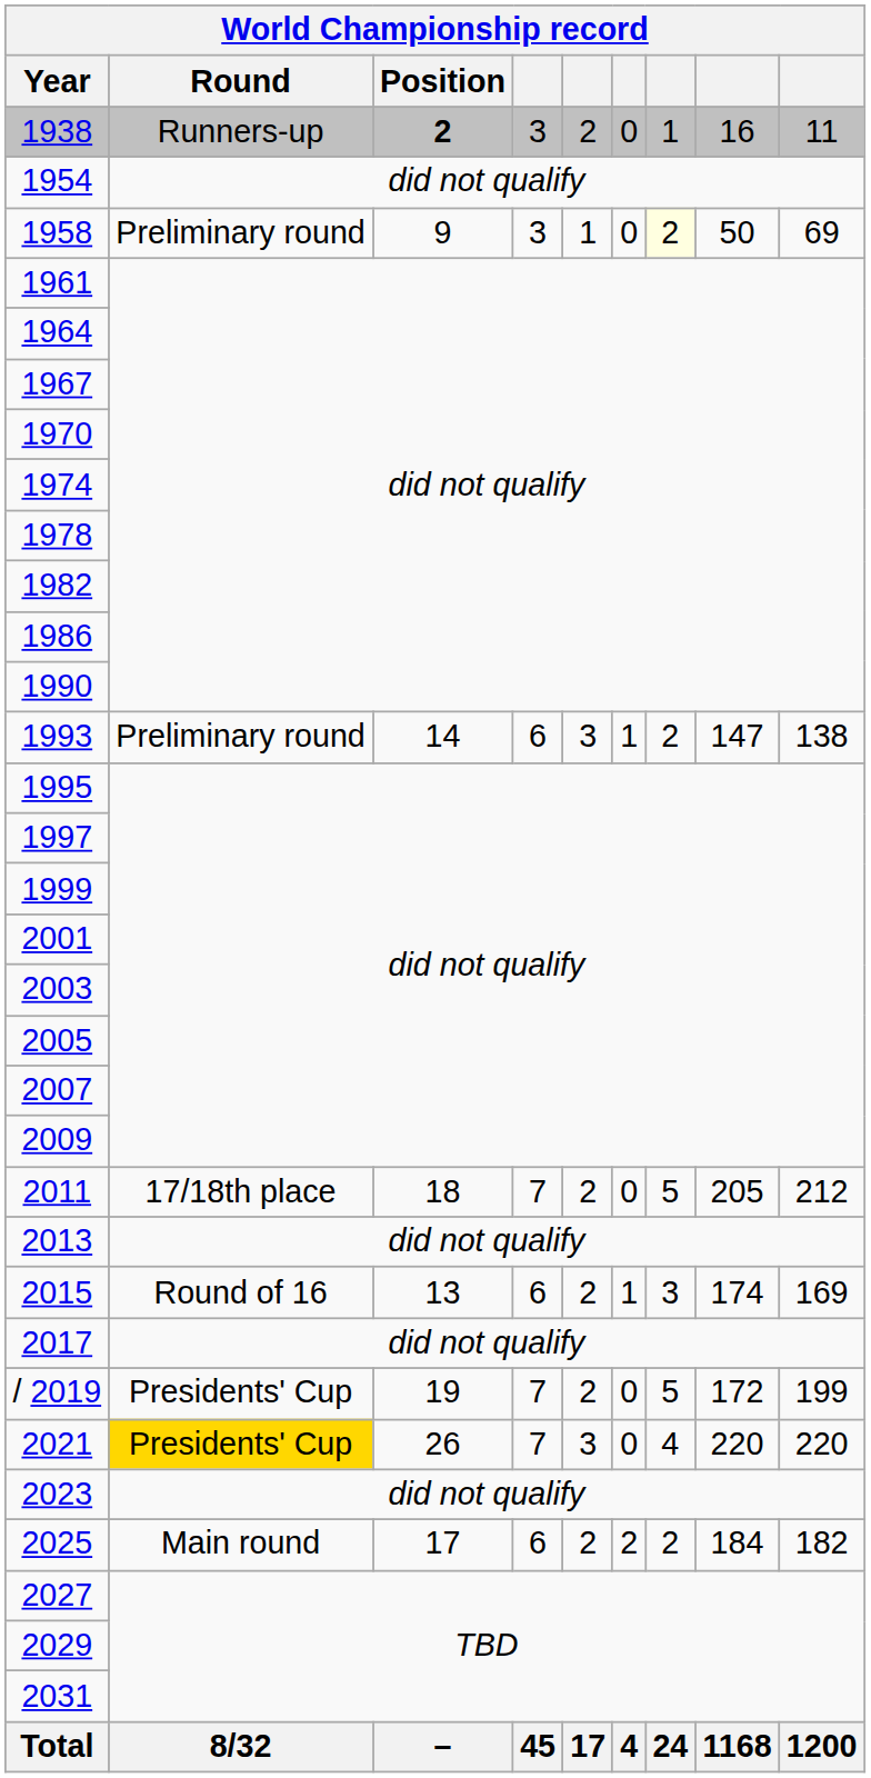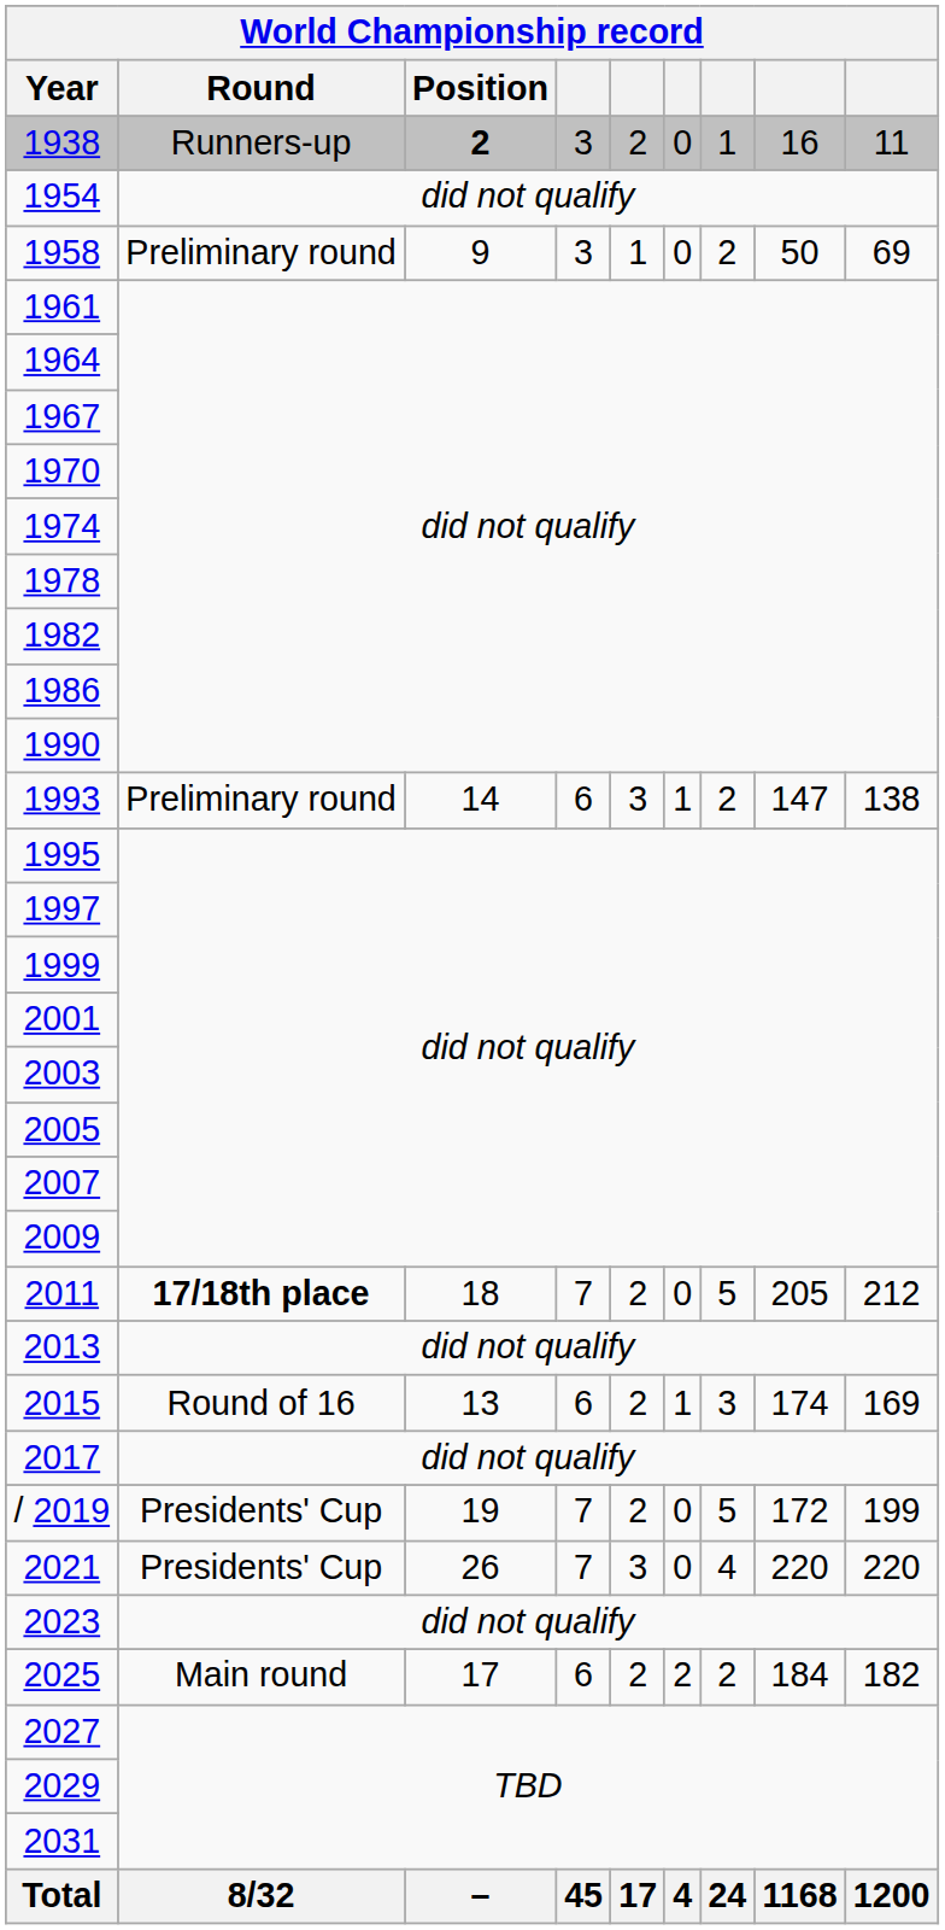 <table class="wikitable" style="text-align: center;">
 <tr>
 <th colspan=9><a href='#'>World Championship record</a></th>
 </tr>
 <tr>
 <th>Year</th>
 <th>Round</th>
 <th>Position</th>
 <th></th>
 <th></th>
 <th></th>
 <th></th>
 <th></th>
 <th></th>
 </tr>
 <tr style="background:silver;">
 <td> <a href='#'>1938</a></td>
 <td>Runners-up</td>
 <td><strong>2</strong></td>
 <td>3</td>
 <td>2</td>
 <td>0</td>
 <td>1</td>
 <td>16</td>
 <td>11</td>
 </tr>
 <tr>
 <td> <a href='#'>1954</a></td>
 <td colspan=8><em>did not qualify</em></td>
 </tr>
 <tr>
 <td> <a href='#'>1958</a></td>
 <td>Preliminary round</td>
 <td>9</td>
 <td>3</td>
 <td>1</td>
 <td>0</td>
-<td style="background: lightyellow;">2</td>
+<td>2</td>
 <td>50</td>
 <td>69</td>
 </tr>
 <tr>
 <td> <a href='#'>1961</a></td>
 <td colspan="8" rowspan="9"><em>did not qualify</em></td>
 </tr>
 <tr>
 <td> <a href='#'>1964</a></td>
 </tr>
 <tr>
 <td> <a href='#'>1967</a></td>
 </tr>
 <tr>
 <td> <a href='#'>1970</a></td>
 </tr>
 <tr>
 <td> <a href='#'>1974</a></td>
 </tr>
 <tr>
 <td> <a href='#'>1978</a></td>
 </tr>
 <tr>
 <td> <a href='#'>1982</a></td>
 </tr>
 <tr>
 <td> <a href='#'>1986</a></td>
 </tr>
 <tr>
 <td> <a href='#'>1990</a></td>
 </tr>
 <tr>
 <td> <a href='#'>1993</a></td>
 <td>Preliminary round</td>
 <td>14</td>
 <td>6</td>
 <td>3</td>
 <td>1</td>
 <td>2</td>
 <td>147</td>
 <td>138</td>
 </tr>
 <tr>
 <td> <a href='#'>1995</a></td>
 <td colspan="8" rowspan="8"><em>did not qualify</em></td>
 </tr>
 <tr>
 <td> <a href='#'>1997</a></td>
 </tr>
 <tr>
 <td> <a href='#'>1999</a></td>
 </tr>
 <tr>
 <td> <a href='#'>2001</a></td>
 </tr>
 <tr>
 <td> <a href='#'>2003</a></td>
 </tr>
 <tr>
 <td> <a href='#'>2005</a></td>
 </tr>
 <tr>
 <td> <a href='#'>2007</a></td>
 </tr>
 <tr>
 <td> <a href='#'>2009</a></td>
 </tr>
 <tr>
 <td> <a href='#'>2011</a></td>
-<td>17/18th place</td>
+<td><strong>17/18th place</strong></td>
 <td>18</td>
 <td>7</td>
 <td>2</td>
 <td>0</td>
 <td>5</td>
 <td>205</td>
 <td>212</td>
 </tr>
 <tr>
 <td> <a href='#'>2013</a></td>
 <td colspan=8><em>did not qualify</em></td>
 </tr>
 <tr>
 <td> <a href='#'>2015</a></td>
 <td>Round of 16</td>
 <td>13</td>
 <td>6</td>
 <td>2</td>
 <td>1</td>
 <td>3</td>
 <td>174</td>
 <td>169</td>
 </tr>
 <tr>
 <td> <a href='#'>2017</a></td>
 <td colspan=8><em>did not qualify</em></td>
 </tr>
 <tr>
 <td>/ <a href='#'>2019</a></td>
 <td>Presidents' Cup</td>
 <td>19</td>
 <td>7</td>
 <td>2</td>
 <td>0</td>
 <td>5</td>
 <td>172</td>
 <td>199</td>
 </tr>
 <tr>
 <td> <a href='#'>2021</a></td>
-<td style="background: gold;">Presidents' Cup</td>
+<td>Presidents' Cup</td>
 <td>26</td>
 <td>7</td>
 <td>3</td>
 <td>0</td>
 <td>4</td>
 <td>220</td>
 <td>220</td>
 </tr>
 <tr>
 <td>  <a href='#'>2023</a></td>
 <td colspan=9><em>did not qualify</em></td>
 </tr>
 <tr>
 <td>   <a href='#'>2025</a></td>
 <td>Main round</td>
 <td>17</td>
 <td>6</td>
 <td>2</td>
 <td>2</td>
 <td>2</td>
 <td>184</td>
 <td>182</td>
 </tr>
 <tr>
 <td> <a href='#'>2027</a></td>
 <td colspan=9 rowspan=3><em>TBD</em></td>
 </tr>
 <tr>
 <td>  <a href='#'>2029</a></td>
 </tr>
 <tr>
 <td>   <a href='#'>2031</a></td>
 </tr>
 <tr>
 <th>Total</th>
 <th>8/32</th>
 <th>–</th>
 <th>45</th>
 <th>17</th>
 <th>4</th>
 <th>24</th>
 <th>1168</th>
 <th>1200</th>
 </tr>
 </table>
